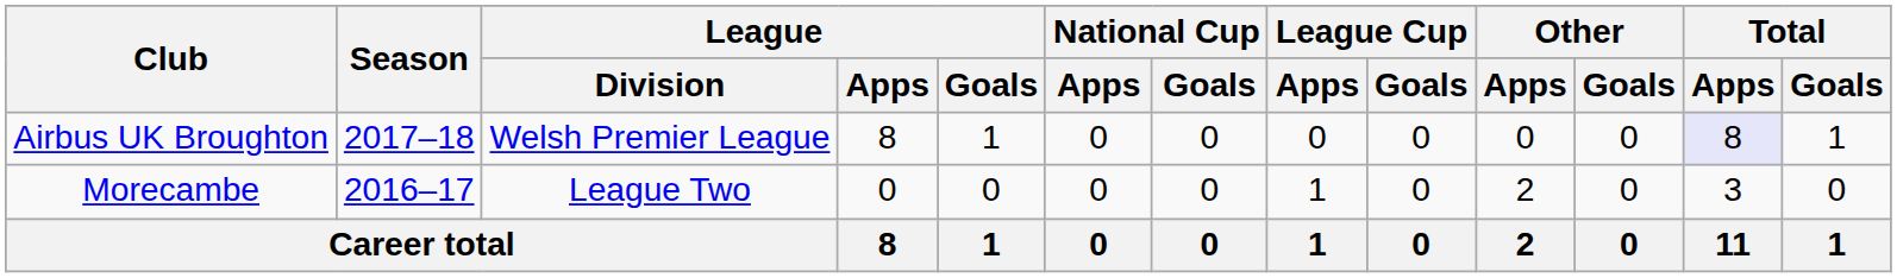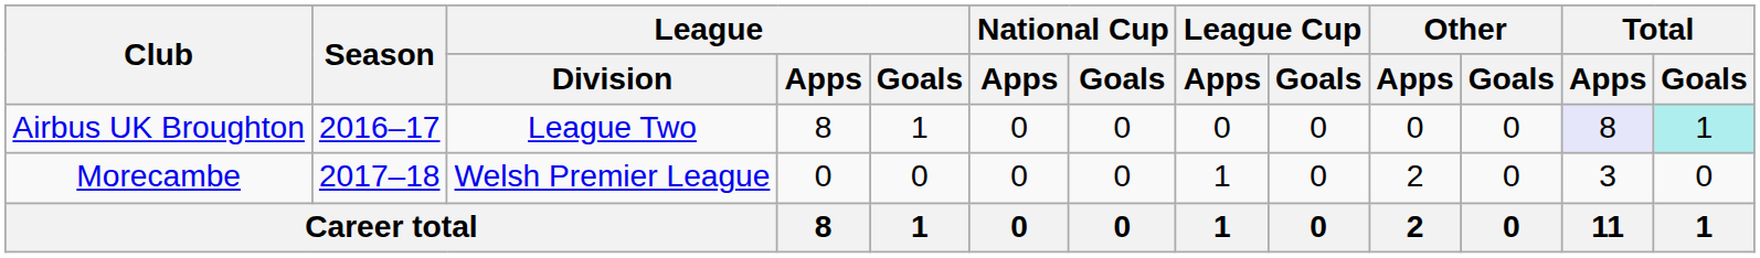 <table class=wikitable style="text-align: center">
 <tr>
 <th rowspan=2>Club</th>
 <th rowspan=2>Season</th>
 <th colspan=3>League</th>
 <th colspan=2>National Cup</th>
 <th colspan=2>League Cup</th>
 <th colspan=2>Other</th>
 <th colspan=2>Total</th>
 </tr>
 <tr>
 <th>Division</th>
 <th>Apps</th>
 <th>Goals</th>
 <th>Apps</th>
 <th>Goals</th>
 <th>Apps</th>
 <th>Goals</th>
 <th>Apps</th>
 <th>Goals</th>
 <th>Apps</th>
 <th>Goals</th>
 </tr>
 <tr>
 <td rowspan=1><a href='#'>Airbus UK Broughton</a></td>
-<td><a href='#'>2017–18</a></td>
-<td><a href='#'>Welsh Premier League</a></td>
+<td><a href='#'>2016–17</a></td>
+<td><a href='#'>League Two</a></td>
 <td>8</td>
 <td>1</td>
 <td>0</td>
 <td>0</td>
 <td>0</td>
 <td>0</td>
 <td>0</td>
 <td>0</td>
 <td style="background: lavender;">8</td>
-<td>1</td>
+<td style="background: paleturquoise;">1</td>
 </tr>
 <tr>
 <td rowspan=1><a href='#'>Morecambe</a></td>
-<td><a href='#'>2016–17</a></td>
-<td><a href='#'>League Two</a></td>
+<td><a href='#'>2017–18</a></td>
+<td><a href='#'>Welsh Premier League</a></td>
 <td>0</td>
 <td>0</td>
 <td>0</td>
 <td>0</td>
 <td>1</td>
 <td>0</td>
 <td>2</td>
 <td>0</td>
 <td>3</td>
 <td>0</td>
 </tr>
 <tr>
 <th colspan=3>Career total</th>
 <th>8</th>
 <th>1</th>
 <th>0</th>
 <th>0</th>
 <th>1</th>
 <th>0</th>
 <th>2</th>
 <th>0</th>
 <th>11</th>
 <th>1</th>
 </tr>
 </table>
